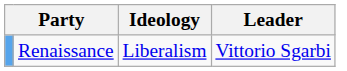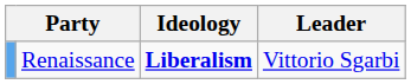 <table class=wikitable  style=text-align:left>
 <tr>
 <th colspan=2>Party</th>
 <th>Ideology</th>
 <th>Leader</th>
 </tr>
 <tr>
 <td bgcolor=#56A5EC></td>
 <td><a href='#'>Renaissance</a></td>
-<td><a href='#'>Liberalism</a></td>
+<td><strong><a href='#'>Liberalism</a></strong></td>
 <td><a href='#'>Vittorio Sgarbi</a></td>
 </tr>
 </table>
